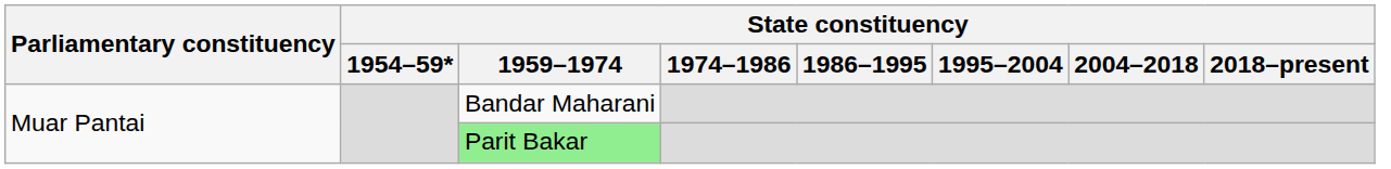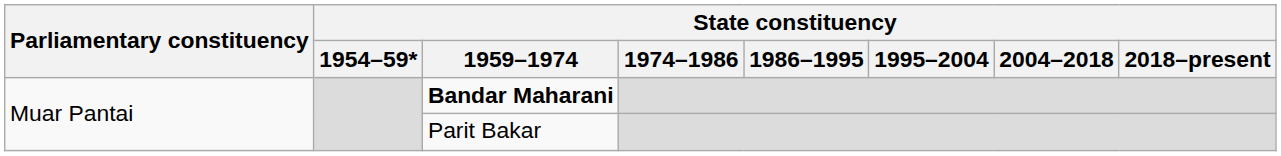 <table class="wikitable">
 <tr>
 <th rowspan="2">Parliamentary constituency</th>
 <th colspan="7">State constituency</th>
 </tr>
 <tr>
 <th>1954–59*</th>
 <th>1959–1974</th>
 <th>1974–1986</th>
 <th>1986–1995</th>
 <th>1995–2004</th>
 <th>2004–2018</th>
 <th>2018–present</th>
 </tr>
 <tr>
 <td rowspan="2">Muar Pantai</td>
 <td rowspan="2" bgcolor="dcdcdc"></td>
-<td>Bandar Maharani</td>
+<td><strong>Bandar Maharani</strong></td>
 <td colspan="5" bgcolor="dcdcdc"></td>
 </tr>
 <tr>
-<td style="background: lightgreen;">Parit Bakar</td>
+<td>Parit Bakar</td>
 <td colspan="5" bgcolor="dcdcdc"></td>
 </tr>
 </table>
